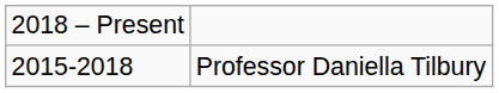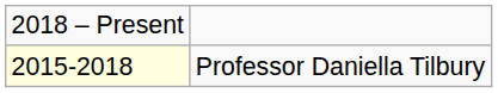 <table class="wikitable">
 <tr>
 <td>2018 – Present</td>
 <td></td>
 </tr>
 <tr>
-<td>2015-2018</td>
+<td style="background: lightyellow;">2015-2018</td>
 <td>Professor Daniella Tilbury</td>
 </tr>
 </table>
